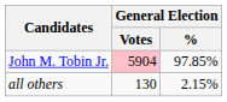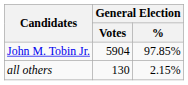 <table class=wikitable>
 <tr>
 <th colspan=1 rowspan=2><strong>Candidates</strong></th>
 <th colspan=2><strong>General Election</strong></th>
 </tr>
 <tr>
 <th>Votes</th>
 <th>%</th>
 </tr>
 <tr>
 <td><a href='#'>John M. Tobin Jr.</a></td>
-<td align="right" style="background: pink;">5904</td>
+<td align="right">5904</td>
 <td align="right">97.85%</td>
 </tr>
 <tr>
 <td><em>all others</em></td>
 <td align="right">130</td>
 <td align="right">2.15%</td>
 </tr>
 </table>
